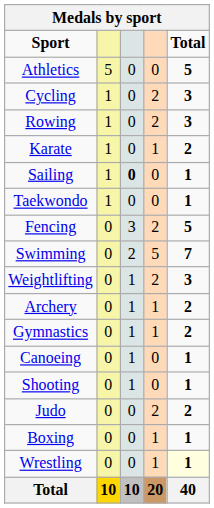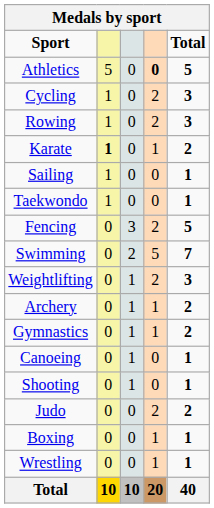 <table class="wikitable" style="font-size:85%">
 <tr style="background:#efefef;">
 <th colspan=7><strong>Medals by sport</strong></th>
 </tr>
 <tr align=center>
 <td><strong>Sport</strong></td>
 <td bgcolor=#f7f6a8></td>
 <td bgcolor=#dce5e5></td>
 <td bgcolor=#ffdab9></td>
 <td><strong>Total</strong></td>
 </tr>
 <tr align=center>
 <td><a href='#'>Athletics</a></td>
 <td style="background:#F7F6A8;">5</td>
 <td style="background:#DCE5E5;">0</td>
-<td style="background:#FFDAB9;">0</td>
+<td style="background:#FFDAB9;"><strong>0</strong></td>
 <td><strong>5</strong></td>
 </tr>
 <tr align=center>
 <td><a href='#'>Cycling</a></td>
 <td style="background:#F7F6A8;">1</td>
 <td style="background:#DCE5E5;">0</td>
 <td style="background:#FFDAB9;">2</td>
 <td><strong>3</strong></td>
 </tr>
 <tr align=center>
 <td><a href='#'>Rowing</a></td>
 <td style="background:#F7F6A8;">1</td>
 <td style="background:#DCE5E5;">0</td>
 <td style="background:#FFDAB9;">2</td>
 <td><strong>3</strong></td>
 </tr>
 <tr align=center>
 <td><a href='#'>Karate</a></td>
-<td style="background:#F7F6A8;">1</td>
+<td style="background:#F7F6A8;"><strong>1</strong></td>
 <td style="background:#DCE5E5;">0</td>
 <td style="background:#FFDAB9;">1</td>
 <td><strong>2</strong></td>
 </tr>
 <tr align=center>
 <td><a href='#'>Sailing</a></td>
 <td style="background:#F7F6A8;">1</td>
-<td style="background:#DCE5E5;"><strong>0</strong></td>
+<td style="background:#DCE5E5;">0</td>
 <td style="background:#FFDAB9;">0</td>
 <td><strong>1</strong></td>
 </tr>
 <tr align=center>
 <td><a href='#'>Taekwondo</a></td>
 <td style="background:#F7F6A8;">1</td>
 <td style="background:#DCE5E5;">0</td>
 <td style="background:#FFDAB9;">0</td>
 <td><strong>1</strong></td>
 </tr>
 <tr align=center>
 <td><a href='#'>Fencing</a></td>
 <td style="background:#F7F6A8;">0</td>
 <td style="background:#DCE5E5;">3</td>
 <td style="background:#FFDAB9;">2</td>
 <td><strong>5</strong></td>
 </tr>
 <tr align=center>
 <td><a href='#'>Swimming</a></td>
 <td style="background:#F7F6A8;">0</td>
 <td style="background:#DCE5E5;">2</td>
 <td style="background:#FFDAB9;">5</td>
 <td><strong>7</strong></td>
 </tr>
 <tr align=center>
 <td><a href='#'>Weightlifting</a></td>
 <td style="background:#F7F6A8;">0</td>
 <td style="background:#DCE5E5;">1</td>
 <td style="background:#FFDAB9;">2</td>
 <td><strong>3</strong></td>
 </tr>
 <tr align=center>
 <td><a href='#'>Archery</a></td>
 <td style="background:#F7F6A8;">0</td>
 <td style="background:#DCE5E5;">1</td>
 <td style="background:#FFDAB9;">1</td>
 <td><strong>2</strong></td>
 </tr>
 <tr align=center>
 <td><a href='#'>Gymnastics</a></td>
 <td style="background:#F7F6A8;">0</td>
 <td style="background:#DCE5E5;">1</td>
 <td style="background:#FFDAB9;">1</td>
 <td><strong>2</strong></td>
 </tr>
 <tr align=center>
 <td><a href='#'>Canoeing</a></td>
 <td style="background:#F7F6A8;">0</td>
 <td style="background:#DCE5E5;">1</td>
 <td style="background:#FFDAB9;">0</td>
 <td><strong>1</strong></td>
 </tr>
 <tr align=center>
 <td><a href='#'>Shooting</a></td>
 <td style="background:#F7F6A8;">0</td>
 <td style="background:#DCE5E5;">1</td>
 <td style="background:#FFDAB9;">0</td>
 <td><strong>1</strong></td>
 </tr>
 <tr align=center>
 <td><a href='#'>Judo</a></td>
 <td style="background:#F7F6A8;">0</td>
 <td style="background:#DCE5E5;">0</td>
 <td style="background:#FFDAB9;">2</td>
 <td><strong>2</strong></td>
 </tr>
 <tr align=center>
 <td><a href='#'>Boxing</a></td>
 <td style="background:#F7F6A8;">0</td>
 <td style="background:#DCE5E5;">0</td>
 <td style="background:#FFDAB9;">1</td>
 <td><strong>1</strong></td>
 </tr>
 <tr align=center>
 <td><a href='#'>Wrestling</a></td>
 <td style="background:#F7F6A8;">0</td>
 <td style="background:#DCE5E5;">0</td>
 <td style="background:#FFDAB9;">1</td>
-<td style="background: lightyellow;"><strong>1</strong></td>
+<td><strong>1</strong></td>
 </tr>
 <tr align=center>
 <th><strong>Total</strong></th>
 <th style="background:gold;"><strong>10</strong></th>
 <th style="background:silver;"><strong>10</strong></th>
 <th style="background:#c96;"><strong>20</strong></th>
 <th><strong>40</strong></th>
 </tr>
 </table>
